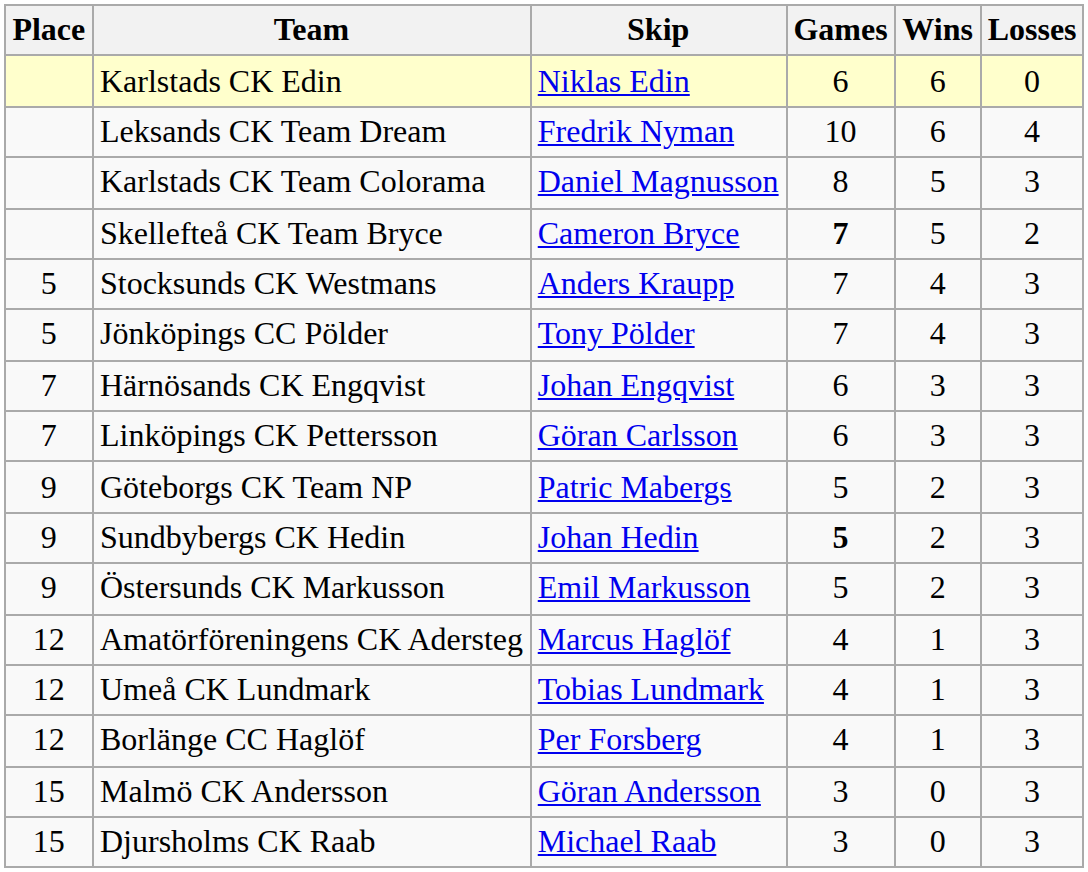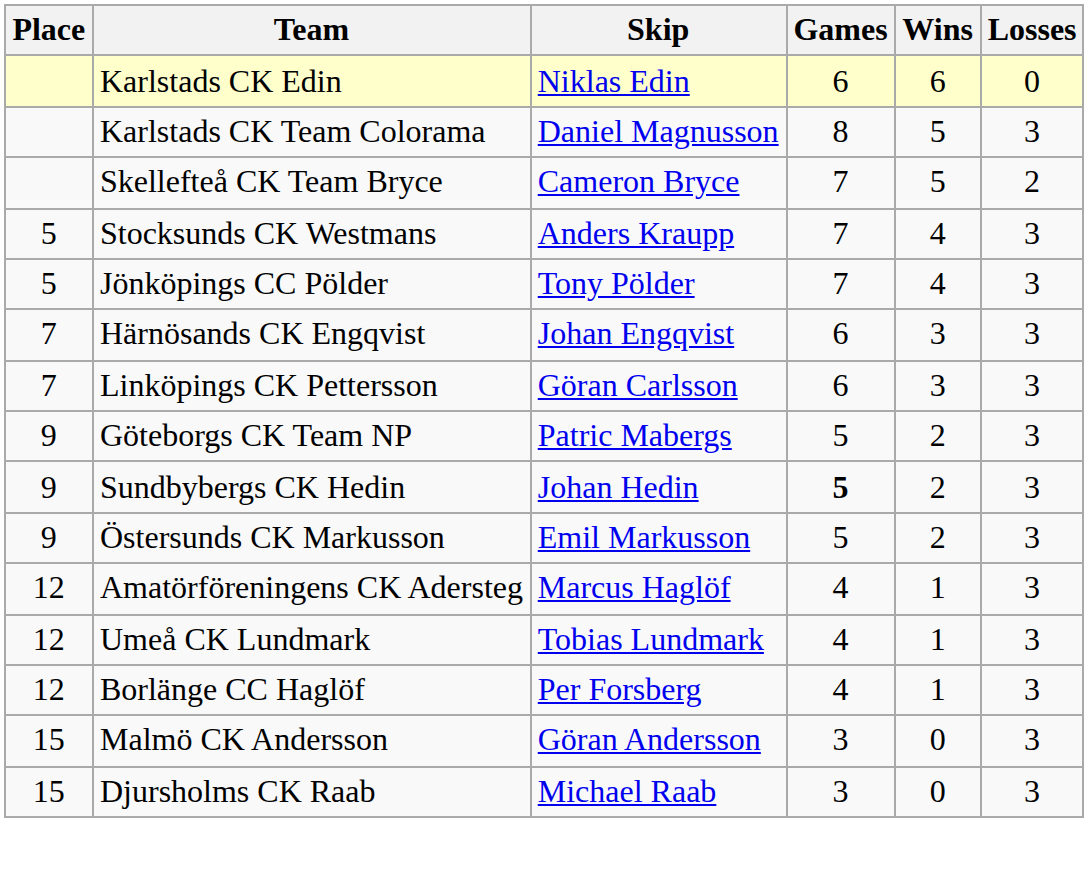 <table class="wikitable" style="text-align:center;">
 <tr>
 <th>Place</th>
 <th>Team</th>
 <th>Skip</th>
 <th>Games</th>
 <th>Wins</th>
 <th>Losses</th>
 </tr>
 <tr bgcolor=#ffc>
 <td></td>
 <td align=left>Karlstads CK Edin</td>
 <td align=left><a href='#'>Niklas Edin</a></td>
 <td>6</td>
 <td>6</td>
 <td>0</td>
 </tr>
 <tr>
 <td></td>
-<td align=left>Leksands CK Team Dream</td>
-<td align=left><a href='#'>Fredrik Nyman</a></td>
-<td>10</td>
-<td>6</td>
-<td>4</td>
-</tr>
-<tr>
-<td></td>
 <td align=left>Karlstads CK Team Colorama</td>
 <td align=left><a href='#'>Daniel Magnusson</a></td>
 <td>8</td>
 <td>5</td>
 <td>3</td>
 </tr>
 <tr>
 <td></td>
 <td align=left>Skellefteå CK Team Bryce</td>
 <td align=left><a href='#'>Cameron Bryce</a></td>
-<td><strong>7</strong></td>
+<td>7</td>
 <td>5</td>
 <td>2</td>
 </tr>
 <tr>
 <td>5</td>
 <td align=left>Stocksunds CK Westmans</td>
 <td align=left><a href='#'>Anders Kraupp</a></td>
 <td>7</td>
 <td>4</td>
 <td>3</td>
 </tr>
 <tr>
 <td>5</td>
 <td align=left>Jönköpings CC Pölder</td>
 <td align=left><a href='#'>Tony Pölder</a></td>
 <td>7</td>
 <td>4</td>
 <td>3</td>
 </tr>
 <tr>
 <td>7</td>
 <td align=left>Härnösands CK Engqvist</td>
 <td align=left><a href='#'>Johan Engqvist</a></td>
 <td>6</td>
 <td>3</td>
 <td>3</td>
 </tr>
 <tr>
 <td>7</td>
 <td align=left>Linköpings CK Pettersson</td>
 <td align=left><a href='#'>Göran Carlsson</a></td>
 <td>6</td>
 <td>3</td>
 <td>3</td>
 </tr>
 <tr>
 <td>9</td>
 <td align=left>Göteborgs CK Team NP</td>
 <td align=left><a href='#'>Patric Mabergs</a></td>
 <td>5</td>
 <td>2</td>
 <td>3</td>
 </tr>
 <tr>
 <td>9</td>
 <td align=left>Sundbybergs CK Hedin</td>
 <td align=left><a href='#'>Johan Hedin</a></td>
 <td><strong>5</strong></td>
 <td>2</td>
 <td>3</td>
 </tr>
 <tr>
 <td>9</td>
 <td align=left>Östersunds CK Markusson</td>
 <td align=left><a href='#'>Emil Markusson</a></td>
 <td>5</td>
 <td>2</td>
 <td>3</td>
 </tr>
 <tr>
 <td>12</td>
 <td align=left>Amatörföreningens CK Adersteg</td>
 <td align=left><a href='#'>Marcus Haglöf</a></td>
 <td>4</td>
 <td>1</td>
 <td>3</td>
 </tr>
 <tr>
 <td>12</td>
 <td align=left>Umeå CK Lundmark</td>
 <td align=left><a href='#'>Tobias Lundmark</a></td>
 <td>4</td>
 <td>1</td>
 <td>3</td>
 </tr>
 <tr>
 <td>12</td>
 <td align=left>Borlänge CC Haglöf</td>
 <td align=left><a href='#'>Per Forsberg</a></td>
 <td>4</td>
 <td>1</td>
 <td>3</td>
 </tr>
 <tr>
 <td>15</td>
 <td align=left>Malmö CK Andersson</td>
 <td align=left><a href='#'>Göran Andersson</a></td>
 <td>3</td>
 <td>0</td>
 <td>3</td>
 </tr>
 <tr>
 <td>15</td>
 <td align=left>Djursholms CK Raab</td>
 <td align=left><a href='#'>Michael Raab</a></td>
 <td>3</td>
 <td>0</td>
 <td>3</td>
 </tr>
 </table>
